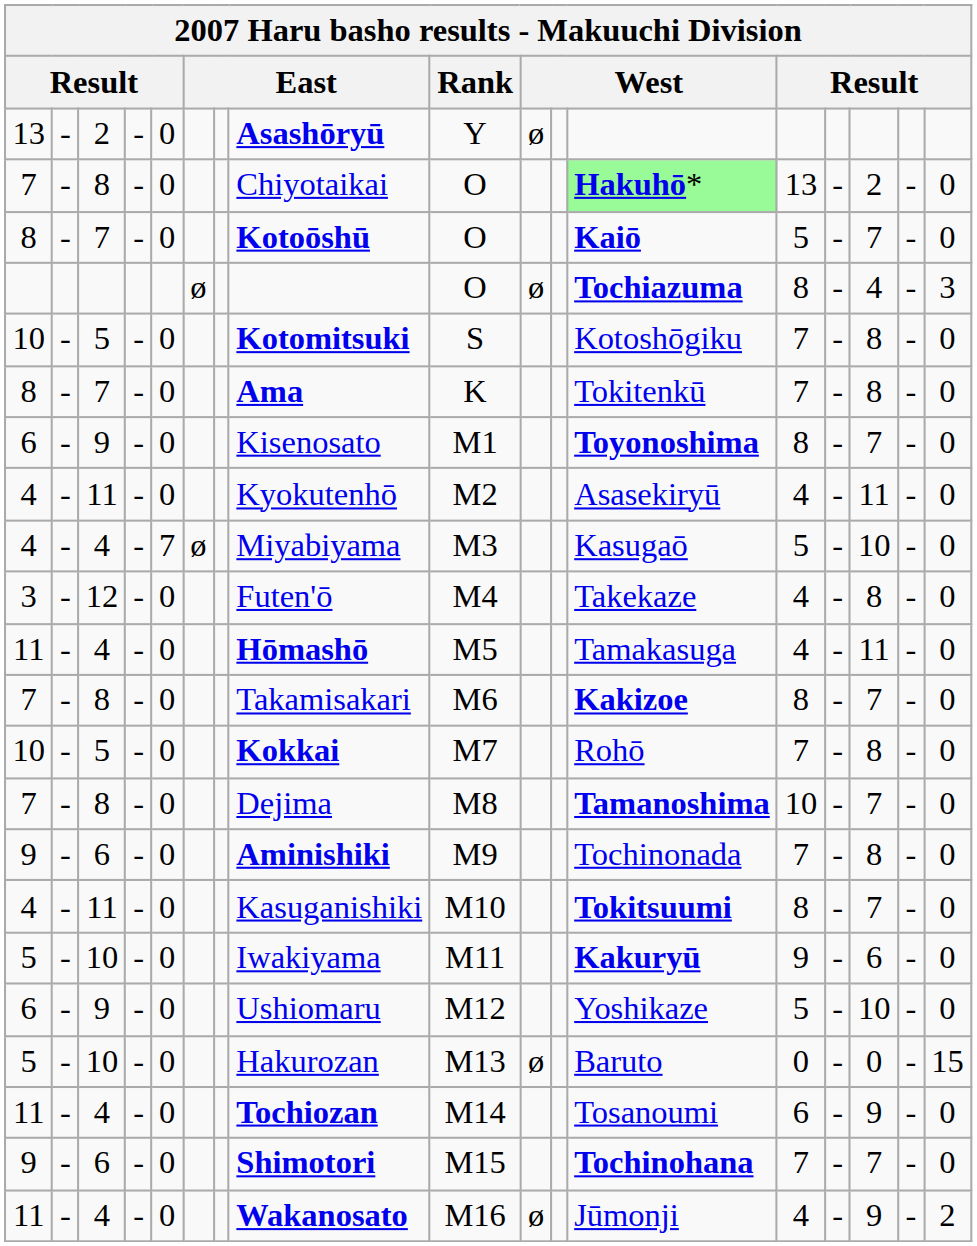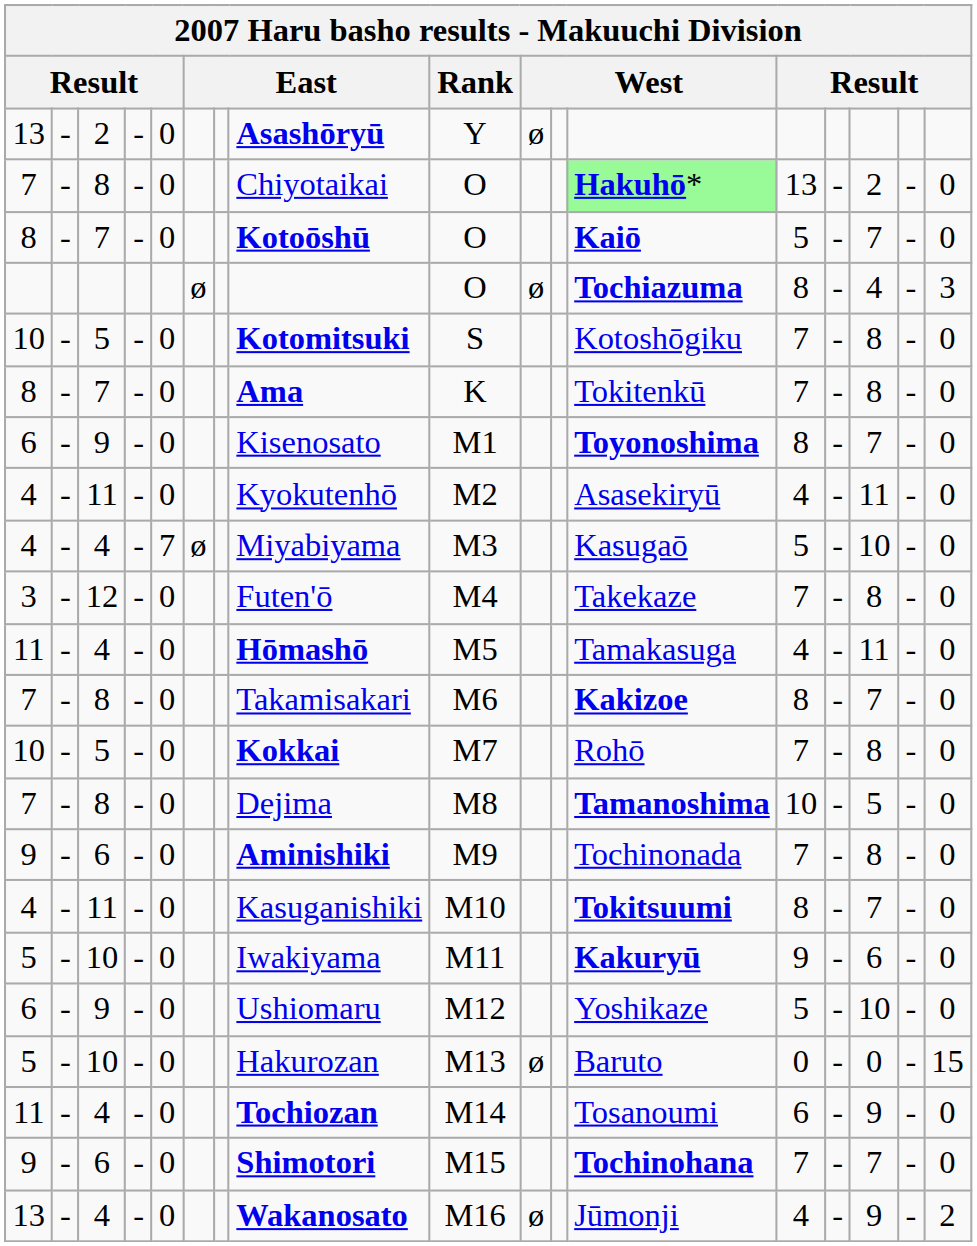 <table class="wikitable">
 <tr>
 <th colspan="17">2007 Haru basho results - Makuuchi Division</th>
 </tr>
 <tr>
 <th colspan="5">Result</th>
 <th colspan="3">East</th>
 <th>Rank</th>
 <th colspan="3">West</th>
 <th colspan="5">Result</th>
 </tr>
 <tr>
 <td align="center">13</td>
 <td align="center">-</td>
 <td align="center">2</td>
 <td align="center">-</td>
 <td align="center">0</td>
 <td align="center"></td>
 <td align="center"></td>
 <td><a href='#'><strong>Asashōryū</strong></a></td>
 <td align="center">Y</td>
 <td align="center">ø</td>
 <td align="center"></td>
 <td></td>
 <td align="center"></td>
 <td align="center"></td>
 <td align="center"></td>
 <td align="center"></td>
 <td align="center"></td>
 </tr>
 <tr>
 <td align="center">7</td>
 <td align="center">-</td>
 <td align="center">8</td>
 <td align="center">-</td>
 <td align="center">0</td>
 <td align="center"></td>
 <td align="center"></td>
 <td><a href='#'>Chiyotaikai</a></td>
 <td align="center">O</td>
 <td align="center"></td>
 <td align="center"></td>
 <td style="background: PaleGreen;"><a href='#'><strong>Hakuhō</strong></a>*</td>
 <td align="center">13</td>
 <td align="center">-</td>
 <td align="center">2</td>
 <td align="center">-</td>
 <td align="center">0</td>
 </tr>
 <tr>
 <td align="center">8</td>
 <td align="center">-</td>
 <td align="center">7</td>
 <td align="center">-</td>
 <td align="center">0</td>
 <td align="center"></td>
 <td align="center"></td>
 <td><a href='#'><strong>Kotoōshū</strong></a></td>
 <td align="center">O</td>
 <td align="center"></td>
 <td align="center"></td>
 <td><a href='#'><strong>Kaiō</strong></a></td>
 <td align="center">5</td>
 <td align="center">-</td>
 <td align="center">7</td>
 <td align="center">-</td>
 <td align="center">0</td>
 </tr>
 <tr>
 <td align="center"></td>
 <td align="center"></td>
 <td align="center"></td>
 <td align="center"></td>
 <td align="center"></td>
 <td align="center">ø</td>
 <td align="center"></td>
 <td></td>
 <td align="center">O</td>
 <td align="center">ø</td>
 <td align="center"></td>
 <td><a href='#'><strong>Tochiazuma</strong></a></td>
 <td align="center">8</td>
 <td align="center">-</td>
 <td align="center">4</td>
 <td align="center">-</td>
 <td align="center">3</td>
 </tr>
 <tr>
 <td align="center">10</td>
 <td align="center">-</td>
 <td align="center">5</td>
 <td align="center">-</td>
 <td align="center">0</td>
 <td align="center"></td>
 <td align="center"></td>
 <td><a href='#'><strong>Kotomitsuki</strong></a></td>
 <td align="center">S</td>
 <td align="center"></td>
 <td align="center"></td>
 <td><a href='#'>Kotoshōgiku</a></td>
 <td align="center">7</td>
 <td align="center">-</td>
 <td align="center">8</td>
 <td align="center">-</td>
 <td align="center">0</td>
 </tr>
 <tr>
 <td align="center">8</td>
 <td align="center">-</td>
 <td align="center">7</td>
 <td align="center">-</td>
 <td align="center">0</td>
 <td align="center"></td>
 <td align="center"></td>
 <td><a href='#'><strong>Ama</strong></a></td>
 <td align="center">K</td>
 <td align="center"></td>
 <td align="center"></td>
 <td><a href='#'>Tokitenkū</a></td>
 <td align="center">7</td>
 <td align="center">-</td>
 <td align="center">8</td>
 <td align="center">-</td>
 <td align="center">0</td>
 </tr>
 <tr>
 <td align="center">6</td>
 <td align="center">-</td>
 <td align="center">9</td>
 <td align="center">-</td>
 <td align="center">0</td>
 <td align="center"></td>
 <td align="center"></td>
 <td><a href='#'>Kisenosato</a></td>
 <td align="center">M1</td>
 <td align="center"></td>
 <td align="center"></td>
 <td><a href='#'><strong>Toyonoshima</strong></a></td>
 <td align="center">8</td>
 <td align="center">-</td>
 <td align="center">7</td>
 <td align="center">-</td>
 <td align="center">0</td>
 </tr>
 <tr>
 <td align="center">4</td>
 <td align="center">-</td>
 <td align="center">11</td>
 <td align="center">-</td>
 <td align="center">0</td>
 <td align="center"></td>
 <td align="center"></td>
 <td><a href='#'>Kyokutenhō</a></td>
 <td align="center">M2</td>
 <td align="center"></td>
 <td align="center"></td>
 <td><a href='#'>Asasekiryū</a></td>
 <td align="center">4</td>
 <td align="center">-</td>
 <td align="center">11</td>
 <td align="center">-</td>
 <td align="center">0</td>
 </tr>
 <tr>
 <td align="center">4</td>
 <td align="center">-</td>
 <td align="center">4</td>
 <td align="center">-</td>
 <td align="center">7</td>
 <td align="center">ø</td>
 <td align="center"></td>
 <td><a href='#'>Miyabiyama</a></td>
 <td align="center">M3</td>
 <td align="center"></td>
 <td align="center"></td>
 <td><a href='#'>Kasugaō</a></td>
 <td align="center">5</td>
 <td align="center">-</td>
 <td align="center">10</td>
 <td align="center">-</td>
 <td align="center">0</td>
 </tr>
 <tr>
 <td align="center">3</td>
 <td align="center">-</td>
 <td align="center">12</td>
 <td align="center">-</td>
 <td align="center">0</td>
 <td align="center"></td>
 <td align="center"></td>
 <td><a href='#'>Futen'ō</a></td>
 <td align="center">M4</td>
 <td align="center"></td>
 <td align="center"></td>
 <td><a href='#'>Takekaze</a></td>
-<td align="center">4</td>
+<td align="center">7</td>
 <td align="center">-</td>
 <td align="center">8</td>
 <td align="center">-</td>
 <td align="center">0</td>
 </tr>
 <tr>
 <td align="center">11</td>
 <td align="center">-</td>
 <td align="center">4</td>
 <td align="center">-</td>
 <td align="center">0</td>
 <td align="center"></td>
 <td align="center"></td>
 <td><a href='#'><strong>Hōmashō</strong></a></td>
 <td align="center">M5</td>
 <td align="center"></td>
 <td align="center"></td>
 <td><a href='#'>Tamakasuga</a></td>
 <td align="center">4</td>
 <td align="center">-</td>
 <td align="center">11</td>
 <td align="center">-</td>
 <td align="center">0</td>
 </tr>
 <tr>
 <td align="center">7</td>
 <td align="center">-</td>
 <td align="center">8</td>
 <td align="center">-</td>
 <td align="center">0</td>
 <td align="center"></td>
 <td align="center"></td>
 <td><a href='#'>Takamisakari</a></td>
 <td align="center">M6</td>
 <td align="center"></td>
 <td align="center"></td>
 <td><a href='#'><strong>Kakizoe</strong></a></td>
 <td align="center">8</td>
 <td align="center">-</td>
 <td align="center">7</td>
 <td align="center">-</td>
 <td align="center">0</td>
 </tr>
 <tr>
 <td align="center">10</td>
 <td align="center">-</td>
 <td align="center">5</td>
 <td align="center">-</td>
 <td align="center">0</td>
 <td align="center"></td>
 <td align="center"></td>
 <td><a href='#'><strong>Kokkai</strong></a></td>
 <td align="center">M7</td>
 <td align="center"></td>
 <td align="center"></td>
 <td><a href='#'>Rohō</a></td>
 <td align="center">7</td>
 <td align="center">-</td>
 <td align="center">8</td>
 <td align="center">-</td>
 <td align="center">0</td>
 </tr>
 <tr>
 <td align="center">7</td>
 <td align="center">-</td>
 <td align="center">8</td>
 <td align="center">-</td>
 <td align="center">0</td>
 <td align="center"></td>
 <td align="center"></td>
 <td><a href='#'>Dejima</a></td>
 <td align="center">M8</td>
 <td align="center"></td>
 <td align="center"></td>
 <td><a href='#'><strong>Tamanoshima</strong></a></td>
 <td align="center">10</td>
 <td align="center">-</td>
-<td align="center">7</td>
+<td align="center">5</td>
 <td align="center">-</td>
 <td align="center">0</td>
 </tr>
 <tr>
 <td align="center">9</td>
 <td align="center">-</td>
 <td align="center">6</td>
 <td align="center">-</td>
 <td align="center">0</td>
 <td align="center"></td>
 <td align="center"></td>
 <td><a href='#'><strong>Aminishiki</strong></a></td>
 <td align="center">M9</td>
 <td align="center"></td>
 <td align="center"></td>
 <td><a href='#'>Tochinonada</a></td>
 <td align="center">7</td>
 <td align="center">-</td>
 <td align="center">8</td>
 <td align="center">-</td>
 <td align="center">0</td>
 </tr>
 <tr>
 <td align="center">4</td>
 <td align="center">-</td>
 <td align="center">11</td>
 <td align="center">-</td>
 <td align="center">0</td>
 <td align="center"></td>
 <td align="center"></td>
 <td><a href='#'>Kasuganishiki</a></td>
 <td align="center">M10</td>
 <td align="center"></td>
 <td align="center"></td>
 <td><a href='#'><strong>Tokitsuumi</strong></a></td>
 <td align="center">8</td>
 <td align="center">-</td>
 <td align="center">7</td>
 <td align="center">-</td>
 <td align="center">0</td>
 </tr>
 <tr>
 <td align="center">5</td>
 <td align="center">-</td>
 <td align="center">10</td>
 <td align="center">-</td>
 <td align="center">0</td>
 <td align="center"></td>
 <td align="center"></td>
 <td><a href='#'>Iwakiyama</a></td>
 <td align="center">M11</td>
 <td align="center"></td>
 <td align="center"></td>
 <td><a href='#'><strong>Kakuryū</strong></a></td>
 <td align="center">9</td>
 <td align="center">-</td>
 <td align="center">6</td>
 <td align="center">-</td>
 <td align="center">0</td>
 </tr>
 <tr>
 <td align="center">6</td>
 <td align="center">-</td>
 <td align="center">9</td>
 <td align="center">-</td>
 <td align="center">0</td>
 <td align="center"></td>
 <td align="center"></td>
 <td><a href='#'>Ushiomaru</a></td>
 <td align="center">M12</td>
 <td align="center"></td>
 <td align="center"></td>
 <td><a href='#'>Yoshikaze</a></td>
 <td align="center">5</td>
 <td align="center">-</td>
 <td align="center">10</td>
 <td align="center">-</td>
 <td align="center">0</td>
 </tr>
 <tr>
 <td align="center">5</td>
 <td align="center">-</td>
 <td align="center">10</td>
 <td align="center">-</td>
 <td align="center">0</td>
 <td align="center"></td>
 <td align="center"></td>
 <td><a href='#'>Hakurozan</a></td>
 <td align="center">M13</td>
 <td align="center">ø</td>
 <td align="center"></td>
 <td><a href='#'>Baruto</a></td>
 <td align="center">0</td>
 <td align="center">-</td>
 <td align="center">0</td>
 <td align="center">-</td>
 <td align="center">15</td>
 </tr>
 <tr>
 <td align="center">11</td>
 <td align="center">-</td>
 <td align="center">4</td>
 <td align="center">-</td>
 <td align="center">0</td>
 <td align="center"></td>
 <td align="center"></td>
 <td><a href='#'><strong>Tochiozan</strong></a></td>
 <td align="center">M14</td>
 <td align="center"></td>
 <td align="center"></td>
 <td><a href='#'>Tosanoumi</a></td>
 <td align="center">6</td>
 <td align="center">-</td>
 <td align="center">9</td>
 <td align="center">-</td>
 <td align="center">0</td>
 </tr>
 <tr>
 <td align="center">9</td>
 <td align="center">-</td>
 <td align="center">6</td>
 <td align="center">-</td>
 <td align="center">0</td>
 <td align="center"></td>
 <td align="center"></td>
 <td><a href='#'><strong>Shimotori</strong></a></td>
 <td align="center">M15</td>
 <td align="center"></td>
 <td align="center"></td>
 <td><a href='#'><strong>Tochinohana</strong></a></td>
 <td align="center">7</td>
 <td align="center">-</td>
 <td align="center">7</td>
 <td align="center">-</td>
 <td align="center">0</td>
 </tr>
 <tr>
-<td align="center">11</td>
+<td align="center">13</td>
 <td align="center">-</td>
 <td align="center">4</td>
 <td align="center">-</td>
 <td align="center">0</td>
 <td align="center"></td>
 <td align="center"></td>
 <td><a href='#'><strong>Wakanosato</strong></a></td>
 <td align="center">M16</td>
 <td align="center">ø</td>
 <td align="center"></td>
 <td><a href='#'>Jūmonji</a></td>
 <td align="center">4</td>
 <td align="center">-</td>
 <td align="center">9</td>
 <td align="center">-</td>
 <td align="center">2</td>
 </tr>
 </table>
